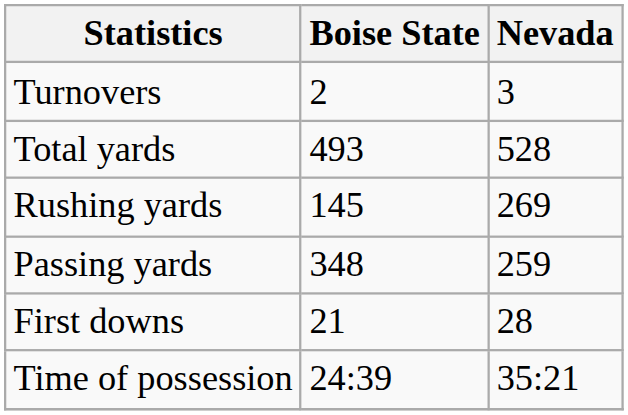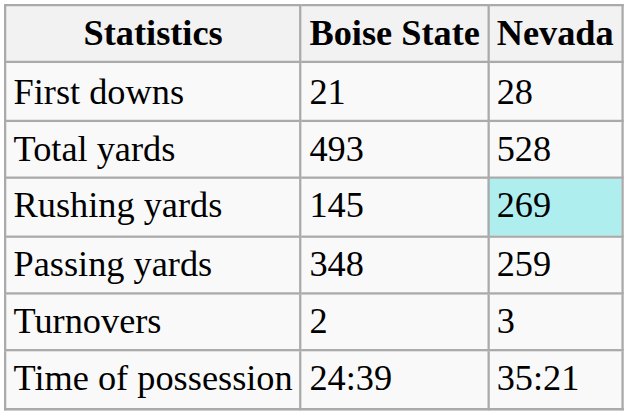 <table class="wikitable">
 <tr>
 <th>Statistics</th>
 <th>Boise State</th>
 <th>Nevada</th>
 </tr>
 <tr>
-<td>Turnovers</td>
-<td>2</td>
-<td>3</td>
+<td>First downs</td>
+<td>21</td>
+<td>28</td>
 </tr>
 <tr>
 <td>Total yards</td>
 <td>493</td>
 <td>528</td>
 </tr>
 <tr>
 <td>Rushing yards</td>
 <td>145</td>
-<td>269</td>
+<td style="background: paleturquoise;">269</td>
 </tr>
 <tr>
 <td>Passing yards</td>
 <td>348</td>
 <td>259</td>
 </tr>
 <tr>
-<td>First downs</td>
-<td>21</td>
-<td>28</td>
+<td>Turnovers</td>
+<td>2</td>
+<td>3</td>
 </tr>
 <tr>
 <td>Time of possession</td>
 <td>24:39</td>
 <td>35:21</td>
 </tr>
 <tr>
 </tr>
 </table>
